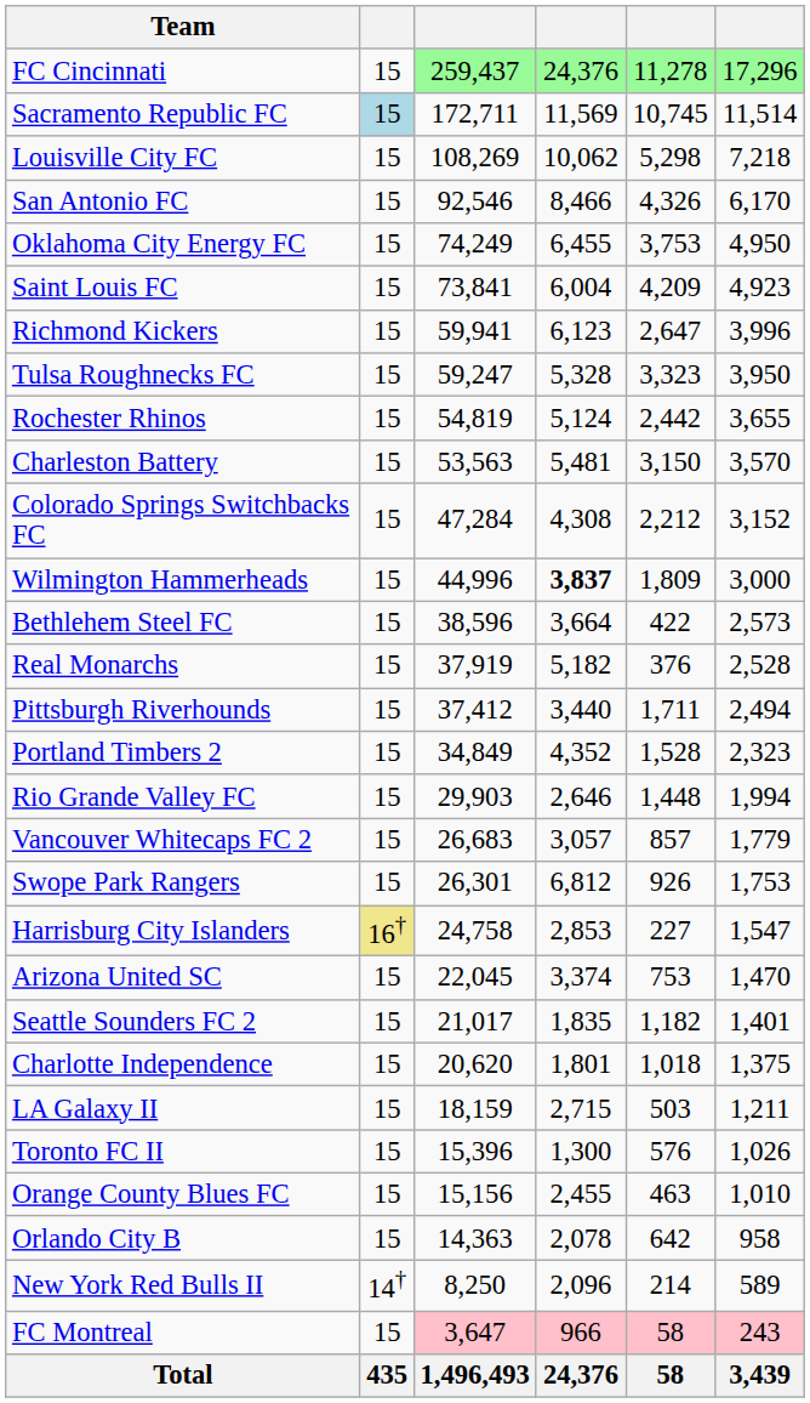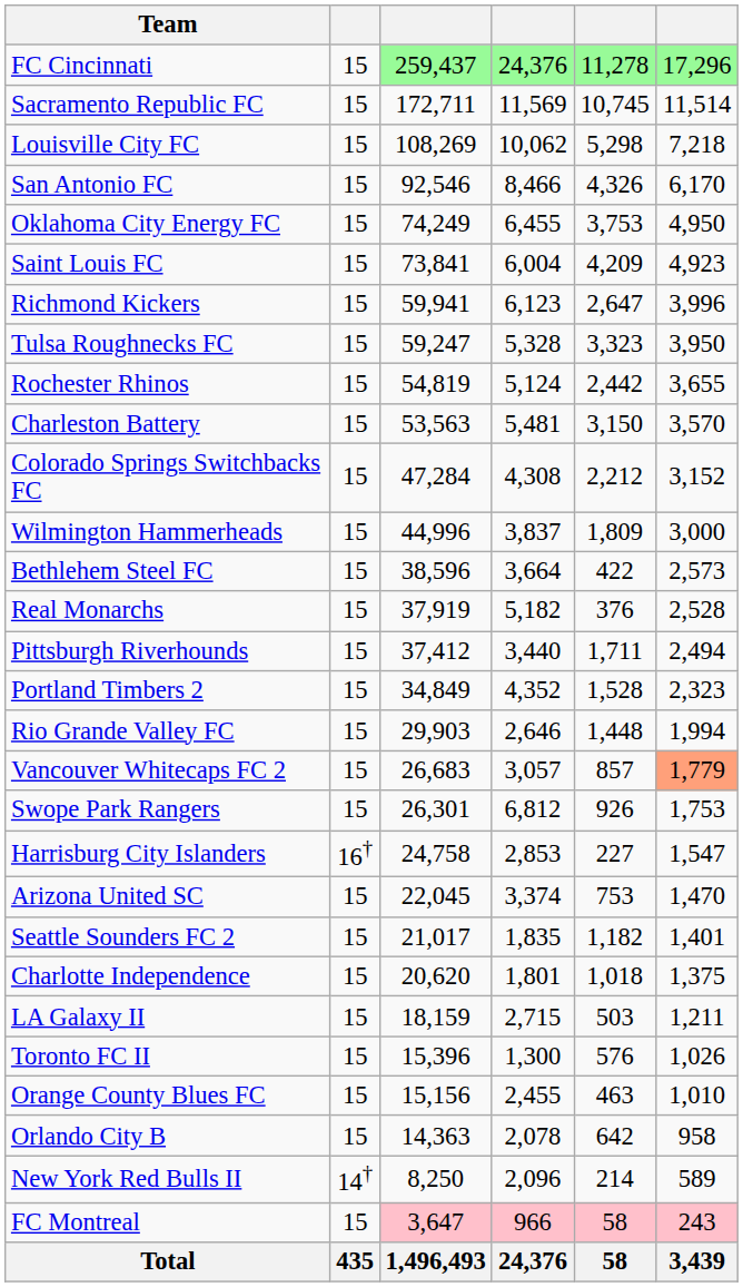 <table class="wikitable sortable">
 <tr>
 <th width=200>Team</th>
 <th></th>
 <th width=45></th>
 <th width=45></th>
 <th width=45></th>
 <th width=45></th>
 </tr>
 <tr align=center>
 <td align=left><a href='#'>FC Cincinnati</a></td>
 <td>15</td>
 <td align=center bgcolor="#98FB98">259,437</td>
 <td align=center bgcolor="#98FB98">24,376</td>
 <td align=center bgcolor="#98FB98">11,278</td>
 <td align=center bgcolor="#98FB98">17,296</td>
 </tr>
 <tr align=center>
 <td align=left><a href='#'>Sacramento Republic FC</a></td>
-<td style="background: lightblue;">15</td>
+<td>15</td>
 <td>172,711</td>
 <td>11,569</td>
 <td>10,745</td>
 <td>11,514</td>
 </tr>
 <tr align=center>
 <td align=left><a href='#'>Louisville City FC</a></td>
 <td>15</td>
 <td>108,269</td>
 <td>10,062</td>
 <td>5,298</td>
 <td>7,218</td>
 </tr>
 <tr align=center>
 <td align=left><a href='#'>San Antonio FC</a></td>
 <td>15</td>
 <td>92,546</td>
 <td>8,466</td>
 <td>4,326</td>
 <td>6,170</td>
 </tr>
 <tr align=center>
 <td align=left><a href='#'>Oklahoma City Energy FC</a></td>
 <td>15</td>
 <td>74,249</td>
 <td>6,455</td>
 <td>3,753</td>
 <td>4,950</td>
 </tr>
 <tr align=center>
 <td align=left><a href='#'>Saint Louis FC</a></td>
 <td>15</td>
 <td>73,841</td>
 <td>6,004</td>
 <td>4,209</td>
 <td>4,923</td>
 </tr>
 <tr align=center>
 <td align=left><a href='#'>Richmond Kickers</a></td>
 <td>15</td>
 <td>59,941</td>
 <td>6,123</td>
 <td>2,647</td>
 <td>3,996</td>
 </tr>
 <tr align=center>
 <td align=left><a href='#'>Tulsa Roughnecks FC</a></td>
 <td>15</td>
 <td>59,247</td>
 <td>5,328</td>
 <td>3,323</td>
 <td>3,950</td>
 </tr>
 <tr align=center>
 <td align=left><a href='#'>Rochester Rhinos</a></td>
 <td>15</td>
 <td>54,819</td>
 <td>5,124</td>
 <td>2,442</td>
 <td>3,655</td>
 </tr>
 <tr align=center>
 <td align=left><a href='#'>Charleston Battery</a></td>
 <td>15</td>
 <td>53,563</td>
 <td>5,481</td>
 <td>3,150</td>
 <td>3,570</td>
 </tr>
 <tr align=center>
 <td align=left><a href='#'>Colorado Springs Switchbacks FC</a></td>
 <td>15</td>
 <td>47,284</td>
 <td>4,308</td>
 <td>2,212</td>
 <td>3,152</td>
 </tr>
 <tr align=center>
 <td align=left><a href='#'>Wilmington Hammerheads</a></td>
 <td>15</td>
 <td>44,996</td>
-<td><strong>3,837</strong></td>
+<td>3,837</td>
 <td>1,809</td>
 <td>3,000</td>
 </tr>
 <tr align=center>
 <td align=left><a href='#'>Bethlehem Steel FC</a></td>
 <td>15</td>
 <td>38,596</td>
 <td>3,664</td>
 <td>422</td>
 <td>2,573</td>
 </tr>
 <tr align=center>
 <td align=left><a href='#'>Real Monarchs</a></td>
 <td>15</td>
 <td>37,919</td>
 <td>5,182</td>
 <td>376</td>
 <td>2,528</td>
 </tr>
 <tr align=center>
 <td align=left><a href='#'>Pittsburgh Riverhounds</a></td>
 <td>15</td>
 <td>37,412</td>
 <td>3,440</td>
 <td>1,711</td>
 <td>2,494</td>
 </tr>
 <tr align=center>
 <td align=left><a href='#'>Portland Timbers 2</a></td>
 <td>15</td>
 <td>34,849</td>
 <td>4,352</td>
 <td>1,528</td>
 <td>2,323</td>
 </tr>
 <tr align=center>
 <td align=left><a href='#'>Rio Grande Valley FC</a></td>
 <td>15</td>
 <td>29,903</td>
 <td>2,646</td>
 <td>1,448</td>
 <td>1,994</td>
 </tr>
 <tr align=center>
 <td align=left><a href='#'>Vancouver Whitecaps FC 2</a></td>
 <td>15</td>
 <td>26,683</td>
 <td>3,057</td>
 <td>857</td>
-<td>1,779</td>
+<td style="background: lightsalmon;">1,779</td>
 </tr>
 <tr align=center>
 <td align=left><a href='#'>Swope Park Rangers</a></td>
 <td>15</td>
 <td>26,301</td>
 <td>6,812</td>
 <td>926</td>
 <td>1,753</td>
 </tr>
 <tr align=center>
 <td align=left><a href='#'>Harrisburg City Islanders</a></td>
-<td style="background: khaki;">16<sup>†</sup></td>
+<td>16<sup>†</sup></td>
 <td>24,758</td>
 <td>2,853</td>
 <td>227</td>
 <td>1,547</td>
 </tr>
 <tr align=center>
 <td align=left><a href='#'>Arizona United SC</a></td>
 <td>15</td>
 <td>22,045</td>
 <td>3,374</td>
 <td>753</td>
 <td>1,470</td>
 </tr>
 <tr align=center>
 <td align=left><a href='#'>Seattle Sounders FC 2</a></td>
 <td>15</td>
 <td>21,017</td>
 <td>1,835</td>
 <td>1,182</td>
 <td>1,401</td>
 </tr>
 <tr align=center>
 <td align=left><a href='#'>Charlotte Independence</a></td>
 <td>15</td>
 <td>20,620</td>
 <td>1,801</td>
 <td>1,018</td>
 <td>1,375</td>
 </tr>
 <tr align=center>
 <td align=left><a href='#'>LA Galaxy II</a></td>
 <td>15</td>
 <td>18,159</td>
 <td>2,715</td>
 <td>503</td>
 <td>1,211</td>
 </tr>
 <tr align=center>
 <td align=left><a href='#'>Toronto FC II</a></td>
 <td>15</td>
 <td>15,396</td>
 <td>1,300</td>
 <td>576</td>
 <td>1,026</td>
 </tr>
 <tr align=center>
 <td align=left><a href='#'>Orange County Blues FC</a></td>
 <td>15</td>
 <td>15,156</td>
 <td>2,455</td>
 <td>463</td>
 <td>1,010</td>
 </tr>
 <tr align=center>
 <td align=left><a href='#'>Orlando City B</a></td>
 <td>15</td>
 <td>14,363</td>
 <td>2,078</td>
 <td>642</td>
 <td>958</td>
 </tr>
 <tr align=center>
 <td align=left><a href='#'>New York Red Bulls II</a></td>
 <td>14<sup>†</sup></td>
 <td>8,250</td>
 <td>2,096</td>
 <td>214</td>
 <td>589</td>
 </tr>
 <tr align=center>
 <td align=left><a href='#'>FC Montreal</a></td>
 <td>15</td>
 <td align=center bgcolor="#FFC0CB">3,647</td>
 <td align=center bgcolor="#FFC0CB">966</td>
 <td align=center bgcolor="#FFC0CB">58</td>
 <td align=center bgcolor="#FFC0CB">243</td>
 </tr>
 <tr align=center>
 <th align=left>Total</th>
 <th>435</th>
 <th>1,496,493</th>
 <th>24,376</th>
 <th>58</th>
 <th>3,439</th>
 </tr>
 </table>
